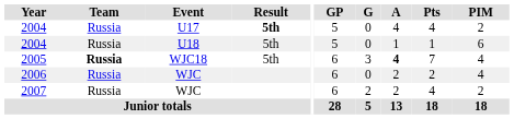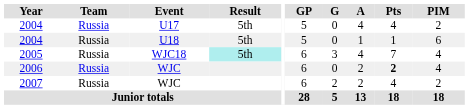 <table border="0" cellpadding="1" cellspacing="0" ID="Table3" style="text-align:center; width:40em">
 <tr ALIGN="center" bgcolor="#e0e0e0">
 <th>Year</th>
 <th>Team</th>
 <th>Event</th>
 <th>Result</th>
 <th rowspan="99" bgcolor="#ffffff"></th>
 <th>GP</th>
 <th>G</th>
 <th>A</th>
 <th>Pts</th>
 <th>PIM</th>
 </tr>
 <tr>
 <td><a href='#'>2004</a></td>
 <td><a href='#'>Russia</a></td>
 <td><a href='#'>U17</a></td>
-<td><strong>5th</strong></td>
+<td>5th</td>
 <td>5</td>
 <td>0</td>
 <td>4</td>
 <td>4</td>
 <td>2</td>
 </tr>
 <tr bgcolor="#f0f0f0">
 <td><a href='#'>2004</a></td>
 <td>Russia</td>
 <td><a href='#'>U18</a></td>
 <td>5th</td>
 <td>5</td>
 <td>0</td>
 <td>1</td>
 <td>1</td>
 <td>6</td>
 </tr>
 <tr>
 <td><a href='#'>2005</a></td>
-<td><strong>Russia</strong></td>
+<td>Russia</td>
 <td><a href='#'>WJC18</a></td>
-<td>5th</td>
+<td style="background: paleturquoise;">5th</td>
 <td>6</td>
 <td>3</td>
-<td><strong>4</strong></td>
+<td>4</td>
 <td>7</td>
 <td>4</td>
 </tr>
 <tr bgcolor="#f0f0f0">
 <td><a href='#'>2006</a></td>
 <td><a href='#'>Russia</a></td>
 <td><a href='#'>WJC</a></td>
 <td></td>
 <td>6</td>
 <td>0</td>
 <td>2</td>
-<td>2</td>
+<td><strong>2</strong></td>
 <td>4</td>
 </tr>
 <tr>
 <td><a href='#'>2007</a></td>
 <td>Russia</td>
 <td>WJC</td>
 <td></td>
 <td>6</td>
 <td>2</td>
 <td>2</td>
 <td>4</td>
 <td>2</td>
 </tr>
 <tr bgcolor="#e0e0e0">
 <th colspan="4">Junior totals</th>
 <th>28</th>
 <th>5</th>
 <th>13</th>
 <th>18</th>
 <th>18</th>
 </tr>
 </table>
